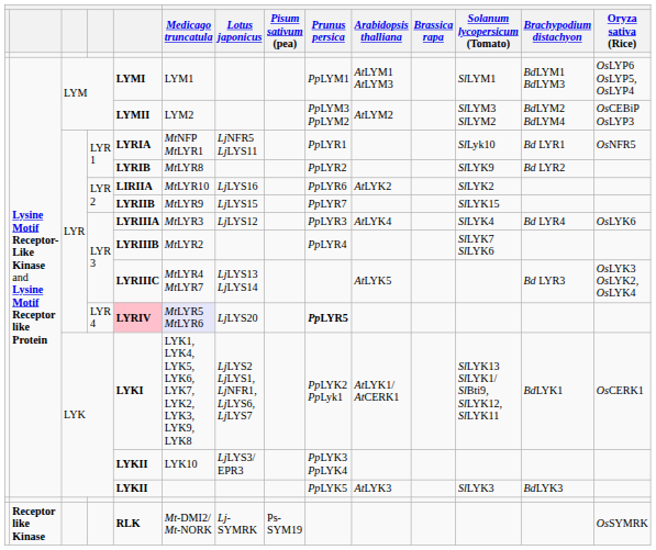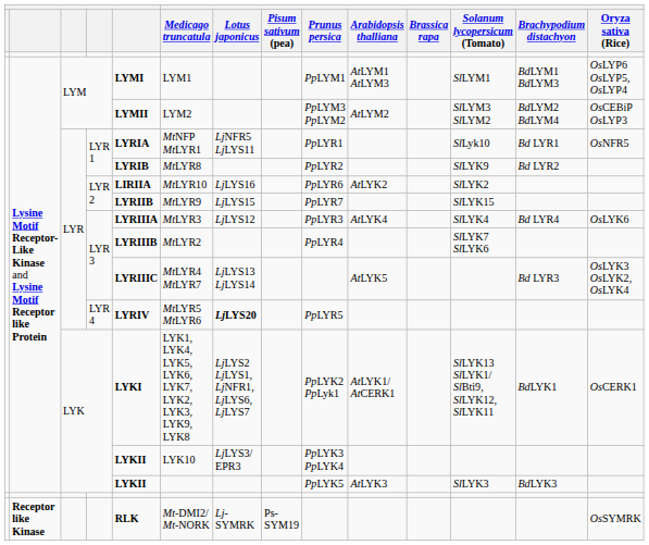 <table class="wikitable">
 <tr>
 <th colspan="5"></th>
 <th colspan="9"></th>
 </tr>
 <tr>
 <th></th>
 <th></th>
 <th></th>
 <th></th>
 <th></th>
 <th><em><a href='#'>Medicago truncatula</a></em></th>
 <th><em><a href='#'>Lotus japonicus</a></em></th>
 <th><em><a href='#'>Pisum sativum</a></em><br>(pea)</th>
 <th><a href='#'><em>Prunus persica</em></a></th>
 <th><a href='#'><em>Arabidopsis thalliana</em></a></th>
 <th><em><a href='#'>Brassica rapa</a></em></th>
 <th><a href='#'><em>Solanum lycopersicum</em></a><br>(Tomato)</th>
 <th><em><a href='#'>Brachypodium distachyon</a></em></th>
 <th><a href='#'>Oryza sativa</a><br>(Rice)</th>
 </tr>
 <tr>
 <td></td>
 <td></td>
 <td></td>
 <td></td>
 <td></td>
 <td></td>
 <td></td>
 <td></td>
 <td></td>
 <td></td>
 <td></td>
 <td></td>
 <td></td>
 <td></td>
 </tr>
 <tr>
 <td rowspan="13"></td>
 <td rowspan="13"><strong><a href='#'>Lysine Motif</a></strong><br><strong>Receptor-Like Kinase</strong> and  <strong><a href='#'>Lysine Motif</a></strong>  <strong>Receptor like Protein</strong></td>
 <td colspan="2" rowspan="2">LYM</td>
 <td><strong>LYMI</strong></td>
 <td>LYM1</td>
 <td></td>
 <td></td>
 <td><em>Pp</em>LYM1</td>
 <td><em>At</em>LYM1<br><em>At</em>LYM3</td>
 <td></td>
 <td><em>Sl</em>LYM1</td>
 <td><em>Bd</em>LYM1<br><em>Bd</em>LYM3</td>
 <td><em>Os</em>LYP6<br><em>Os</em>LYP5, <em>Os</em>LYP4</td>
 </tr>
 <tr>
 <td><strong>LYMII</strong></td>
 <td>LYM2</td>
 <td></td>
 <td></td>
 <td><em>Pp</em>LYM3<br><em>Pp</em>LYM2</td>
 <td><em>At</em>LYM2</td>
 <td></td>
 <td><em>Sl</em>LYM3<br><em>Sl</em>LYM2</td>
 <td><em>Bd</em>LYM2<br><em>Bd</em>LYM4</td>
 <td><em>Os</em>CEBiP<br><em>Os</em>LYP3</td>
 </tr>
 <tr>
 <td rowspan="8">LYR</td>
 <td rowspan="2">LYR 1</td>
 <td><strong>LYRIA</strong></td>
 <td><em>Mt</em>NFP<br><em>Mt</em>LYR1</td>
 <td><em>Lj</em>NFR5<br><em>Lj</em>LYS11</td>
 <td></td>
 <td><em>Pp</em>LYR1</td>
 <td></td>
 <td></td>
 <td><em>Sl</em>Lyk10</td>
 <td><em>Bd</em> LYR1</td>
 <td><em>Os</em>NFR5</td>
 </tr>
 <tr>
 <td><strong>LYRIB</strong></td>
 <td><em>Mt</em>LYR8</td>
 <td></td>
 <td></td>
 <td><em>Pp</em>LYR2</td>
 <td></td>
 <td></td>
 <td><em>Sl</em>LYK9</td>
 <td><em>Bd</em> LYR2</td>
 <td></td>
 </tr>
 <tr>
 <td rowspan="2">LYR 2</td>
 <td><strong>LIRIIA</strong></td>
 <td><em>Mt</em>LYR10</td>
 <td><em>Lj</em>LYS16</td>
 <td></td>
 <td><em>Pp</em>LYR6</td>
 <td><em>At</em>LYK2</td>
 <td></td>
 <td><em>Sl</em>LYK2</td>
 <td></td>
 <td></td>
 </tr>
 <tr>
 <td><strong>LYRIIB</strong></td>
 <td><em>Mt</em>LYR9</td>
 <td><em>Lj</em>LYS15</td>
 <td></td>
 <td><em>Pp</em>LYR7</td>
 <td></td>
 <td></td>
 <td><em>Sl</em>LYK15</td>
 <td></td>
 <td></td>
 </tr>
 <tr>
 <td rowspan="3">LYR 3</td>
 <td><strong>LYRIIIA</strong></td>
 <td><em>Mt</em>LYR3</td>
 <td><em>Lj</em>LYS12</td>
 <td></td>
 <td><em>Pp</em>LYR3</td>
 <td><em>At</em>LYK4</td>
 <td></td>
 <td><em>Sl</em>LYK4</td>
 <td><em>Bd</em> LYR4</td>
 <td><em>Os</em>LYK6</td>
 </tr>
 <tr>
 <td><strong>LYRIIIB</strong></td>
 <td><em>Mt</em>LYR2</td>
 <td></td>
 <td></td>
 <td><em>Pp</em>LYR4</td>
 <td></td>
 <td></td>
 <td><em>Sl</em>LYK7<br><em>Sl</em>LYK6</td>
 <td></td>
 <td></td>
 </tr>
 <tr>
 <td><strong>LYRIIIC</strong></td>
 <td><em>Mt</em>LYR4<br><em>Mt</em>LYR7</td>
 <td><em>Lj</em>LYS13<br><em>Lj</em>LYS14</td>
 <td></td>
 <td></td>
 <td><em>At</em>LYK5</td>
 <td></td>
 <td></td>
 <td><em>Bd</em> LYR3</td>
 <td><em>Os</em>LYK3<br><em>Os</em>LYK2, <em>Os</em>LYK4</td>
 </tr>
 <tr>
 <td>LYR 4</td>
-<td style="background: pink;"><strong>LYRIV</strong></td>
-<td style="background: lavender;"><em>Mt</em>LYR5<br><em>Mt</em>LYR6</td>
-<td><em>Lj</em>LYS20</td>
+<td><strong>LYRIV</strong></td>
+<td><em>Mt</em>LYR5<br><em>Mt</em>LYR6</td>
+<td><strong><em>Lj</em>LYS20</strong></td>
 <td></td>
-<td><strong><em>Pp</em>LYR5</strong></td>
+<td><em>Pp</em>LYR5</td>
 <td></td>
 <td></td>
 <td></td>
 <td></td>
 <td></td>
 </tr>
 <tr>
 <td colspan="2" rowspan="3">LYK</td>
 <td><strong>LYKI</strong></td>
 <td>LYK1, LYK4, LYK5, LYK6, LYK7, LYK2, LYK3, LYK9, LYK8</td>
 <td><em>Lj</em>LYS2<br><em>Lj</em>LYS1, <em>Lj</em>NFR1, <em>Lj</em>LYS6, <em>Lj</em>LYS7</td>
 <td></td>
 <td><em>Pp</em>LYK2<br><em>Pp</em>Lyk1</td>
 <td><em>At</em>LYK1/<br><em>At</em>CERK1</td>
 <td></td>
 <td><em>Sl</em>LYK13<br><em>Sl</em>LYK1/ <em>Sl</em>Bti9, <em>Sl</em>LYK12, <em>Sl</em>LYK11</td>
 <td><em>Bd</em>LYK1</td>
 <td><em>Os</em>CERK1</td>
 </tr>
 <tr>
 <td><strong>LYKII</strong></td>
 <td>LYK10</td>
 <td><em>Lj</em>LYS3/<br>EPR3</td>
 <td></td>
 <td><em>Pp</em>LYK3<br><em>Pp</em>LYK4</td>
 <td></td>
 <td></td>
 <td></td>
 <td></td>
 <td></td>
 </tr>
 <tr>
 <td><strong>LYKII</strong></td>
 <td></td>
 <td></td>
 <td></td>
 <td><em>Pp</em>LYK5</td>
 <td><em>At</em>LYK3</td>
 <td></td>
 <td><em>Sl</em>LYK3</td>
 <td><em>Bd</em>LYK3</td>
 <td></td>
 </tr>
 <tr>
 <td></td>
 <td></td>
 <td></td>
 <td></td>
 <td></td>
 <td></td>
 <td></td>
 <td></td>
 <td></td>
 <td></td>
 <td></td>
 <td></td>
 <td></td>
 <td></td>
 </tr>
 <tr>
 <td></td>
 <td><strong>Receptor like Kinase</strong></td>
 <td></td>
 <td></td>
 <td><strong>RLK</strong></td>
 <td><em>Mt-</em>DMI2/<br><em>Mt-</em>NORK</td>
 <td><em>Lj-</em>SYMRK</td>
 <td>Ps-SYM19</td>
 <td></td>
 <td></td>
 <td></td>
 <td></td>
 <td></td>
 <td><em>Os</em>SYMRK</td>
 </tr>
 </table>
